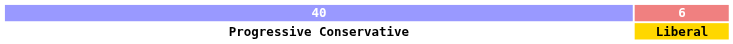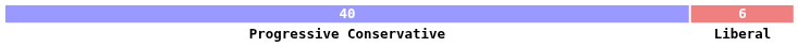 <table style="width:60%; text-align:center;">
 <tr style="color:white;">
 <td style="background:#9999FF; width:86.96%;"><strong>40</strong></td>
 <td style="background:#F08080; width:13.04%;"><strong>6</strong></td>
 </tr>
 <tr>
 <td><span><strong>Progressive Conservative</strong></span></td>
-<td style="background: gold;"><span><strong>Liberal</strong></span></td>
+<td><span><strong>Liberal</strong></span></td>
 </tr>
 </table>
